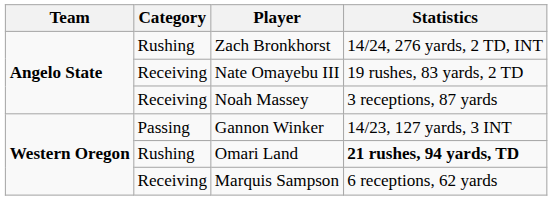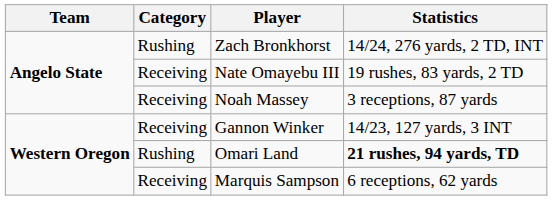 <table class="wikitable" style="float: right;">
 <tr>
 <th>Team</th>
 <th>Category</th>
 <th>Player</th>
 <th>Statistics</th>
 </tr>
 <tr>
 <td rowspan=3><strong>Angelo State</strong></td>
 <td>Rushing</td>
 <td>Zach Bronkhorst</td>
 <td>14/24, 276 yards, 2 TD, INT</td>
 </tr>
 <tr>
 <td>Receiving</td>
 <td>Nate Omayebu III</td>
 <td>19 rushes, 83 yards, 2 TD</td>
 </tr>
 <tr>
 <td>Receiving</td>
 <td>Noah Massey</td>
 <td>3 receptions, 87 yards</td>
 </tr>
 <tr>
 <td rowspan=3><strong>Western Oregon</strong></td>
-<td>Passing</td>
+<td>Receiving</td>
 <td>Gannon Winker</td>
 <td>14/23, 127 yards, 3 INT</td>
 </tr>
 <tr>
 <td>Rushing</td>
 <td>Omari Land</td>
 <td><strong>21 rushes, 94 yards, TD</strong></td>
 </tr>
 <tr>
 <td>Receiving</td>
 <td>Marquis Sampson</td>
 <td>6 receptions, 62 yards</td>
 </tr>
 </table>
